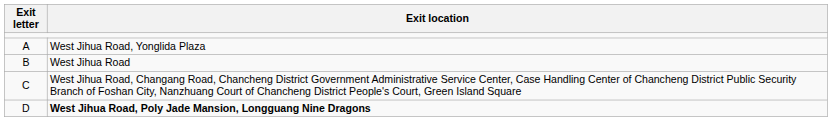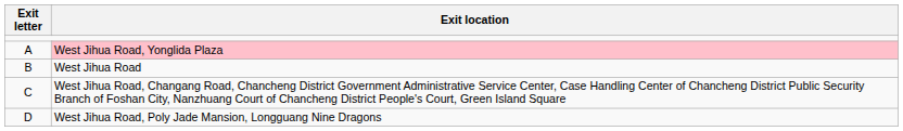 <table class="wikitable">
 <tr>
 <th colspan=2 style="width:70px">Exit letter</th>
 <th>Exit location</th>
 </tr>
 <tr style="background:#">
 <td colspan="4"></td>
 </tr>
 <tr>
 <td colspan=2 align=center>A</td>
-<td>West Jihua Road, Yonglida Plaza</td>
+<td style="background: pink;">West Jihua Road, Yonglida Plaza</td>
 </tr>
 <tr>
 <td colspan=2 align=center>B</td>
 <td>West Jihua Road</td>
 </tr>
 <tr>
 <td colspan=2 align=center>C</td>
 <td>West Jihua Road, Changang Road, Chancheng District Government Administrative Service Center, Case Handling Center of Chancheng District Public Security Branch of Foshan City, Nanzhuang Court of Chancheng District People's Court, Green Island Square</td>
 </tr>
 <tr>
 <td colspan=2 align=center>D</td>
-<td><strong>West Jihua Road, Poly Jade Mansion, Longguang Nine Dragons</strong></td>
+<td>West Jihua Road, Poly Jade Mansion, Longguang Nine Dragons</td>
 </tr>
 </table>
